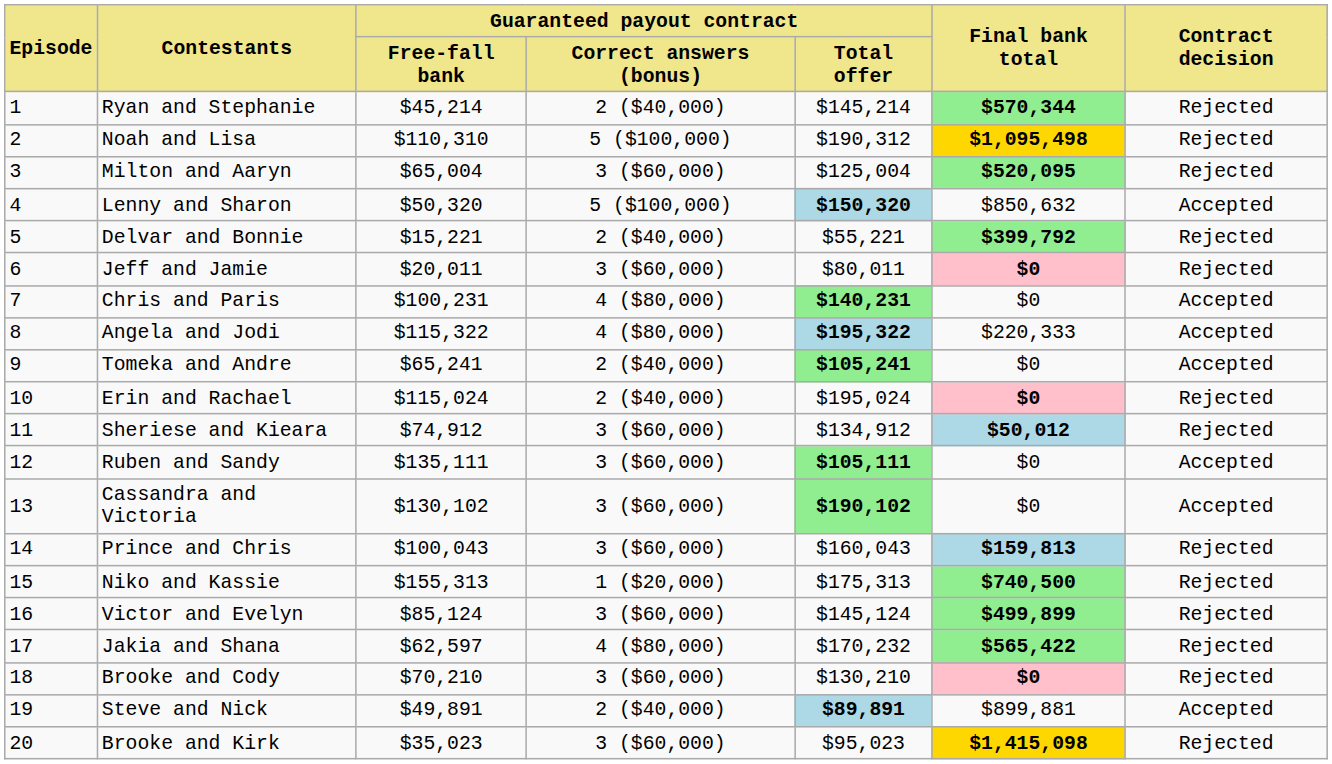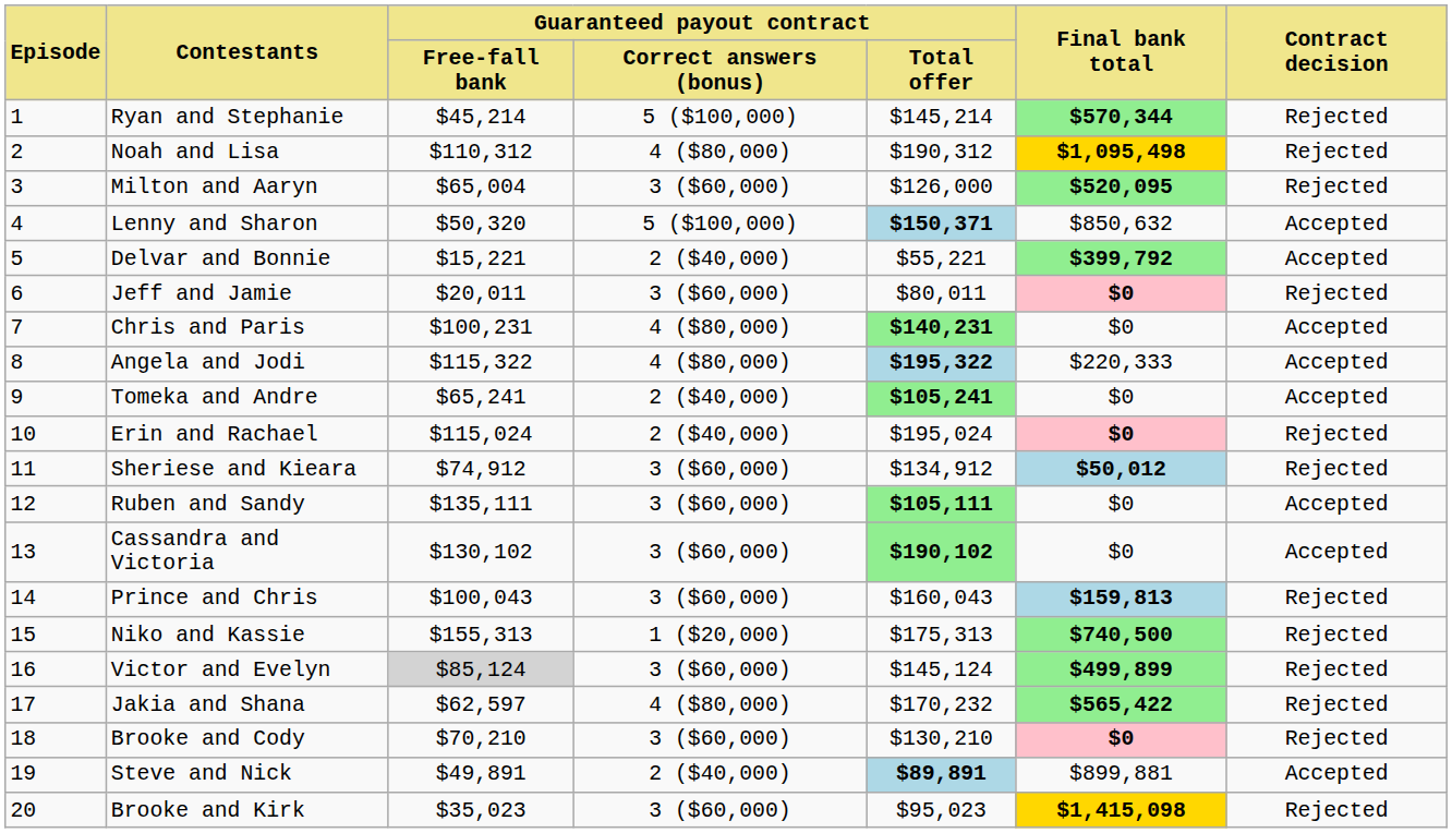 <table class="wikitable">
 <tr>
 <th rowspan="2" style="text-align:center; background-color:#F0E68C;">Episode</th>
 <th rowspan="2" style="text-align:center; background-color:#F0E68C;">Contestants</th>
 <th colspan="3" style="text-align:center; background-color:#F0E68C;">Guaranteed payout contract</th>
 <th rowspan="2" style="text-align:center; background-color:#F0E68C;">Final bank total</th>
 <th rowspan="2" style="text-align:center; background-color:#F0E68C;">Contract decision</th>
 </tr>
 <tr>
 <th style="text-align:center; background-color:#F0E68C;">Free-fall bank</th>
 <th style="text-align:center; background-color:#F0E68C;">Correct answers (bonus)</th>
 <th style="text-align:center; background-color:#F0E68C;">Total offer</th>
 </tr>
 <tr>
 <td>1</td>
 <td>Ryan and Stephanie</td>
 <td style="text-align:center">$45,214</td>
-<td style="text-align:center">2 ($40,000)</td>
+<td style="text-align:center">5 ($100,000)</td>
 <td style="text-align:center">$145,214</td>
 <td style="text-align:center; background-color:lightgreen;"><strong>$570,344</strong></td>
 <td style="text-align:center">Rejected</td>
 </tr>
 <tr>
 <td>2</td>
 <td>Noah and Lisa</td>
-<td style="text-align:center">$110,310</td>
-<td style="text-align:center">5 ($100,000)</td>
+<td style="text-align:center">$110,312</td>
+<td style="text-align:center">4 ($80,000)</td>
 <td style="text-align:center">$190,312</td>
 <td style="text-align:center; background-color:gold;"><strong>$1,095,498</strong></td>
 <td style="text-align:center">Rejected</td>
 </tr>
 <tr>
 <td>3</td>
 <td>Milton and Aaryn</td>
 <td style="text-align:center">$65,004</td>
 <td style="text-align:center">3 ($60,000)</td>
-<td style="text-align:center">$125,004</td>
+<td style="text-align:center">$126,000</td>
 <td style="text-align:center;  background-color:lightgreen;"><strong>$520,095</strong></td>
 <td style="text-align:center">Rejected</td>
 </tr>
 <tr>
 <td>4</td>
 <td>Lenny and Sharon</td>
 <td style="text-align:center">$50,320</td>
 <td style="text-align:center">5 ($100,000)</td>
-<td style="text-align:center; background-color:lightblue;"><strong>$150,320</strong></td>
+<td style="text-align:center; background-color:lightblue;"><strong>$150,371</strong></td>
 <td style="text-align:center">$850,632</td>
 <td style="text-align:center">Accepted</td>
 </tr>
 <tr>
 <td>5</td>
 <td>Delvar and Bonnie</td>
 <td style="text-align:center">$15,221</td>
 <td style="text-align:center">2 ($40,000)</td>
 <td style="text-align:center">$55,221</td>
 <td style="text-align:center; background-color:lightgreen;"><strong>$399,792</strong></td>
-<td style="text-align:center">Rejected</td>
+<td style="text-align:center">Accepted</td>
 </tr>
 <tr>
 <td>6</td>
 <td>Jeff and Jamie</td>
 <td style="text-align:center">$20,011</td>
 <td style="text-align:center">3 ($60,000)</td>
 <td style="text-align:center">$80,011</td>
 <td style="text-align:center; background-color:pink;"><strong>$0</strong></td>
 <td style="text-align:center">Rejected</td>
 </tr>
 <tr>
 <td>7</td>
 <td>Chris and Paris</td>
 <td style="text-align:center">$100,231</td>
 <td style="text-align:center">4 ($80,000)</td>
 <td style="text-align:center; background-color:lightgreen;"><strong>$140,231</strong></td>
 <td style="text-align:center">$0</td>
 <td style="text-align:center">Accepted</td>
 </tr>
 <tr>
 <td>8</td>
 <td>Angela and Jodi</td>
 <td style="text-align:center">$115,322</td>
 <td style="text-align:center">4 ($80,000)</td>
 <td style="text-align:center; background-color:lightblue;"><strong>$195,322</strong></td>
 <td style="text-align:center">$220,333</td>
 <td style="text-align:center">Accepted</td>
 </tr>
 <tr>
 <td>9</td>
 <td>Tomeka and Andre</td>
 <td style="text-align:center">$65,241</td>
 <td style="text-align:center">2 ($40,000)</td>
 <td style="text-align:center; background-color:lightgreen;"><strong>$105,241</strong></td>
 <td style="text-align:center;">$0</td>
 <td style="text-align:center">Accepted</td>
 </tr>
 <tr>
 <td>10</td>
 <td>Erin and Rachael</td>
 <td style="text-align:center">$115,024</td>
 <td style="text-align:center">2 ($40,000)</td>
 <td style="text-align:center">$195,024</td>
 <td style="text-align:center; background-color:pink;"><strong>$0</strong></td>
 <td style="text-align:center">Rejected</td>
 </tr>
 <tr>
 <td>11</td>
 <td>Sheriese and Kieara</td>
 <td style="text-align:center">$74,912</td>
 <td style="text-align:center">3 ($60,000)</td>
 <td style="text-align:center">$134,912</td>
 <td style="text-align:center; background-color:lightblue;"><strong>$50,012</strong></td>
 <td style="text-align:center">Rejected</td>
 </tr>
 <tr>
 <td>12</td>
 <td>Ruben and Sandy</td>
 <td style="text-align:center">$135,111</td>
 <td style="text-align:center">3 ($60,000)</td>
 <td style="text-align:center; background-color:lightgreen;"><strong>$105,111</strong></td>
 <td style="text-align:center">$0</td>
 <td style="text-align:center">Accepted</td>
 </tr>
 <tr>
 <td>13</td>
 <td>Cassandra and Victoria</td>
 <td style="text-align:center">$130,102</td>
 <td style="text-align:center">3 ($60,000)</td>
 <td style="text-align:center; background-color:lightgreen;"><strong>$190,102</strong></td>
 <td style="text-align:center">$0</td>
 <td style="text-align:center">Accepted</td>
 </tr>
 <tr>
 <td>14</td>
 <td>Prince and Chris</td>
 <td style="text-align:center">$100,043</td>
 <td style="text-align:center">3 ($60,000)</td>
 <td style="text-align:center">$160,043</td>
 <td style="text-align:center; background-color:lightblue;"><strong>$159,813</strong></td>
 <td style="text-align:center">Rejected</td>
 </tr>
 <tr>
 <td>15</td>
 <td>Niko and Kassie</td>
 <td style="text-align:center">$155,313</td>
 <td style="text-align:center">1 ($20,000)</td>
 <td style="text-align:center">$175,313</td>
 <td style="text-align:center; background-color:lightgreen;"><strong>$740,500</strong></td>
 <td style="text-align:center">Rejected</td>
 </tr>
 <tr>
 <td>16</td>
 <td>Victor and Evelyn</td>
-<td style="text-align:center">$85,124</td>
+<td style="background: lightgrey; text-align:center">$85,124</td>
 <td style="text-align:center">3 ($60,000)</td>
 <td style="text-align:center">$145,124</td>
 <td style="text-align:center; background-color:lightgreen;"><strong>$499,899</strong></td>
 <td style="text-align:center">Rejected</td>
 </tr>
 <tr>
 <td>17</td>
 <td>Jakia and Shana</td>
 <td style="text-align:center">$62,597</td>
 <td style="text-align:center">4 ($80,000)</td>
 <td style="text-align:center">$170,232</td>
 <td style="text-align:center; background-color:lightgreen;"><strong>$565,422</strong></td>
 <td style="text-align:center">Rejected</td>
 </tr>
 <tr>
 <td>18</td>
 <td>Brooke and Cody</td>
 <td style="text-align:center">$70,210</td>
 <td style="text-align:center">3 ($60,000)</td>
 <td style="text-align:center">$130,210</td>
 <td style="text-align:center; background-color:pink;"><strong>$0</strong></td>
 <td style="text-align:center">Rejected</td>
 </tr>
 <tr>
 <td>19</td>
 <td>Steve and Nick</td>
 <td style="text-align:center">$49,891</td>
 <td style="text-align:center">2 ($40,000)</td>
 <td style="text-align:center; background-color:lightblue;"><strong>$89,891</strong></td>
 <td style="text-align:center">$899,881</td>
 <td style="text-align:center">Accepted</td>
 </tr>
 <tr>
 <td>20</td>
 <td>Brooke and Kirk</td>
 <td style="text-align:center">$35,023</td>
 <td style="text-align:center">3 ($60,000)</td>
 <td style="text-align:center">$95,023</td>
 <td style="text-align:center; background-color:gold;"><strong>$1,415,098</strong></td>
 <td style="text-align:center">Rejected</td>
 </tr>
 </table>
